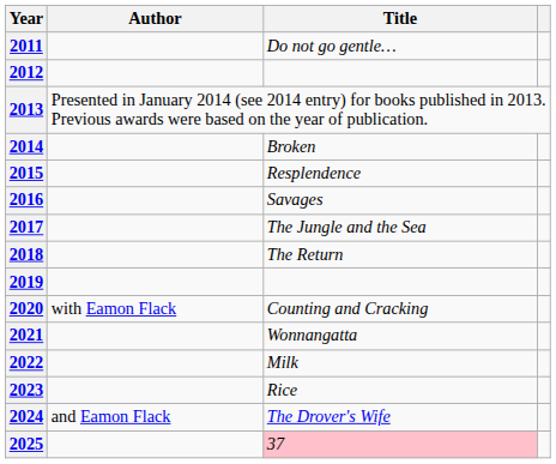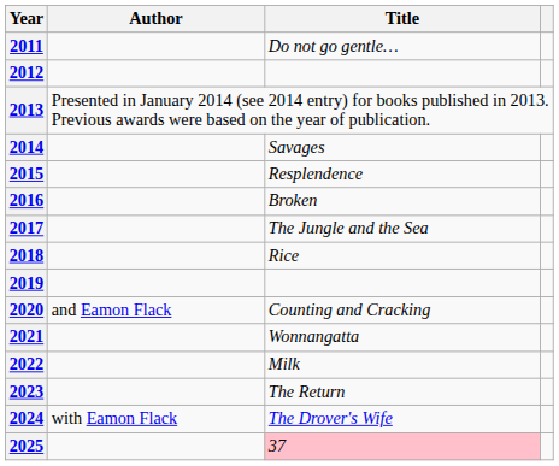 <table class="wikitable sortable mw-collapsible">
 <tr>
 <th>Year</th>
 <th>Author</th>
 <th>Title</th>
 <th></th>
 </tr>
 <tr>
 <th><a href='#'>2011</a></th>
 <td></td>
 <td><em>Do not go gentle…</em></td>
 <td></td>
 </tr>
 <tr>
 <th><a href='#'>2012</a></th>
 <td></td>
 <td><em></em></td>
 <td></td>
 </tr>
 <tr>
 <th><a href='#'>2013</a></th>
 <td colspan="3">Presented in January 2014 (see 2014 entry) for books published in 2013.<br>Previous awards were based on the year of publication.</td>
 </tr>
 <tr>
 <th><a href='#'>2014</a></th>
 <td></td>
-<td><em>Broken</em></td>
+<td><em>Savages</em></td>
 <td></td>
 </tr>
 <tr>
 <th><a href='#'>2015</a></th>
 <td></td>
 <td><em>Resplendence</em></td>
 <td></td>
 </tr>
 <tr>
 <th><a href='#'>2016</a></th>
 <td></td>
-<td><em>Savages</em></td>
+<td><em>Broken</em></td>
 <td></td>
 </tr>
 <tr>
 <th><a href='#'>2017</a></th>
 <td></td>
 <td><em>The Jungle and the Sea</em></td>
 <td></td>
 </tr>
 <tr>
 <th><a href='#'>2018</a></th>
 <td></td>
-<td><em>The Return</em></td>
+<td><em>Rice</em></td>
 <td></td>
 </tr>
 <tr>
 <th><a href='#'>2019</a></th>
 <td></td>
 <td><em></em></td>
 <td></td>
 </tr>
 <tr>
 <th><a href='#'>2020</a></th>
-<td> with <a href='#'>Eamon Flack</a></td>
+<td> and <a href='#'>Eamon Flack</a></td>
 <td><em>Counting and Cracking</em></td>
 <td></td>
 </tr>
 <tr>
 <th><a href='#'>2021</a></th>
 <td></td>
 <td><em>Wonnangatta</em></td>
 <td></td>
 </tr>
 <tr>
 <th><a href='#'>2022</a></th>
 <td></td>
 <td><em>Milk</em></td>
 <td></td>
 </tr>
 <tr>
 <th><a href='#'>2023</a></th>
 <td></td>
-<td><em>Rice</em></td>
+<td><em>The Return</em></td>
 <td></td>
 </tr>
 <tr>
 <th><a href='#'>2024</a></th>
-<td> and <a href='#'>Eamon Flack</a></td>
+<td> with <a href='#'>Eamon Flack</a></td>
 <td><em><a href='#'>The Drover's Wife</a></em></td>
 <td></td>
 </tr>
 <tr>
 <th><a href='#'>2025</a></th>
 <td></td>
 <td style="background: pink;"><em>37</em></td>
 <td></td>
 </tr>
 </table>
